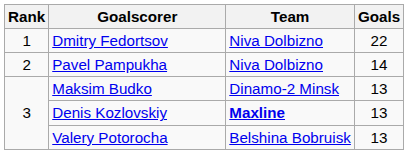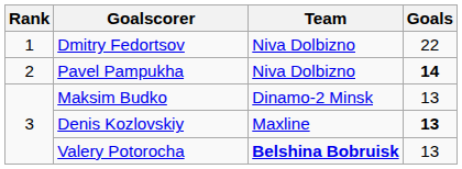 <table class="wikitable" style="font-size: 95%;">
 <tr bgcolor="#CCCCCC" align="center">
 <th>Rank</th>
 <th width=170>Goalscorer</th>
 <th>Team</th>
 <th>Goals</th>
 </tr>
 <tr>
 <td align="center">1</td>
 <td> <a href='#'>Dmitry Fedortsov</a></td>
 <td><a href='#'>Niva Dolbizno</a></td>
 <td align="center">22</td>
 </tr>
 <tr>
 <td align="center">2</td>
 <td> <a href='#'>Pavel Pampukha</a></td>
 <td><a href='#'>Niva Dolbizno</a></td>
-<td align="center">14</td>
+<td align="center"><strong>14</strong></td>
 </tr>
 <tr>
 <td align="center" rowspan="3">3</td>
 <td> <a href='#'>Maksim Budko</a></td>
 <td><a href='#'>Dinamo-2 Minsk</a></td>
 <td align="center">13</td>
 </tr>
 <tr>
 <td> <a href='#'>Denis Kozlovskiy</a></td>
-<td><strong><a href='#'>Maxline</a></strong></td>
-<td align="center">13</td>
+<td><a href='#'>Maxline</a></td>
+<td align="center"><strong>13</strong></td>
 </tr>
 <tr>
 <td> <a href='#'>Valery Potorocha</a></td>
-<td><a href='#'>Belshina Bobruisk</a></td>
+<td><strong><a href='#'>Belshina Bobruisk</a></strong></td>
 <td align="center">13</td>
 </tr>
 </table>
